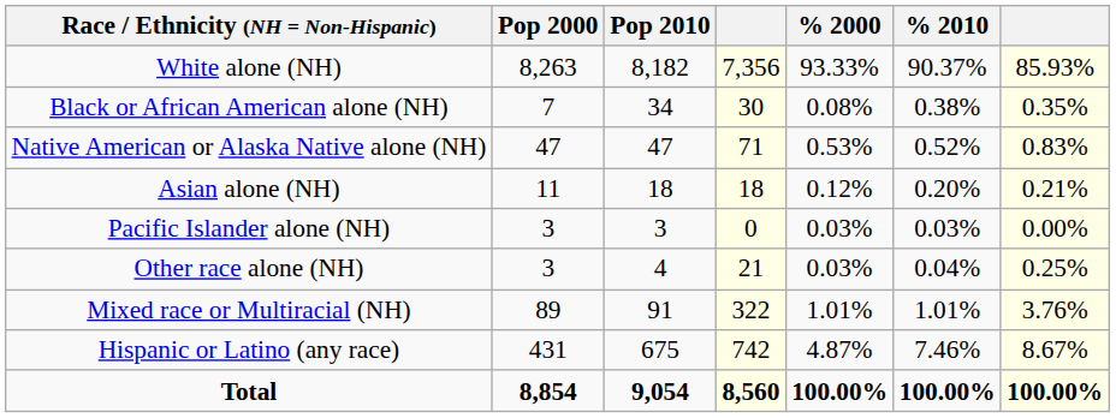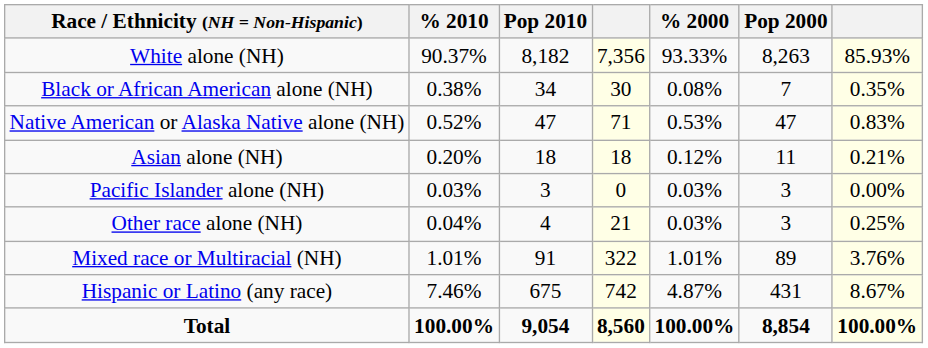 <table class="wikitable" style="text-align:center;">
 <tr>
 <th>Race / Ethnicity <small>(<em>NH = Non-Hispanic</em>)</small></th>
-<th>Pop 2000</th>
+<th>% 2010</th>
 <th>Pop 2010</th>
 <th></th>
 <th>% 2000</th>
-<th>% 2010</th>
+<th>Pop 2000</th>
 <th></th>
 </tr>
 <tr>
 <td><a href='#'>White</a> alone (NH)</td>
-<td>8,263</td>
+<td>90.37%</td>
 <td>8,182</td>
 <td style='background: #ffffe6;'>7,356</td>
 <td>93.33%</td>
-<td>90.37%</td>
+<td>8,263</td>
 <td style='background: #ffffe6;'>85.93%</td>
 </tr>
 <tr>
 <td><a href='#'>Black or African American</a> alone (NH)</td>
-<td>7</td>
+<td>0.38%</td>
 <td>34</td>
 <td style='background: #ffffe6;'>30</td>
 <td>0.08%</td>
-<td>0.38%</td>
+<td>7</td>
 <td style='background: #ffffe6;'>0.35%</td>
 </tr>
 <tr>
 <td><a href='#'>Native American</a> or <a href='#'>Alaska Native</a> alone (NH)</td>
-<td>47</td>
+<td>0.52%</td>
 <td>47</td>
 <td style='background: #ffffe6;'>71</td>
 <td>0.53%</td>
-<td>0.52%</td>
+<td>47</td>
 <td style='background: #ffffe6;'>0.83%</td>
 </tr>
 <tr>
 <td><a href='#'>Asian</a> alone (NH)</td>
-<td>11</td>
+<td>0.20%</td>
 <td>18</td>
 <td style='background: #ffffe6;'>18</td>
 <td>0.12%</td>
-<td>0.20%</td>
+<td>11</td>
 <td style='background: #ffffe6;'>0.21%</td>
 </tr>
 <tr>
 <td><a href='#'>Pacific Islander</a> alone (NH)</td>
-<td>3</td>
+<td>0.03%</td>
 <td>3</td>
 <td style='background: #ffffe6;'>0</td>
 <td>0.03%</td>
-<td>0.03%</td>
+<td>3</td>
 <td style='background: #ffffe6;'>0.00%</td>
 </tr>
 <tr>
 <td><a href='#'>Other race</a> alone (NH)</td>
-<td>3</td>
+<td>0.04%</td>
 <td>4</td>
 <td style='background: #ffffe6;'>21</td>
 <td>0.03%</td>
-<td>0.04%</td>
+<td>3</td>
 <td style='background: #ffffe6;'>0.25%</td>
 </tr>
 <tr>
 <td><a href='#'>Mixed race or Multiracial</a> (NH)</td>
-<td>89</td>
+<td>1.01%</td>
 <td>91</td>
 <td style='background: #ffffe6;'>322</td>
 <td>1.01%</td>
-<td>1.01%</td>
+<td>89</td>
 <td style='background: #ffffe6;'>3.76%</td>
 </tr>
 <tr>
 <td><a href='#'>Hispanic or Latino</a> (any race)</td>
-<td>431</td>
+<td>7.46%</td>
 <td>675</td>
 <td style='background: #ffffe6;'>742</td>
 <td>4.87%</td>
-<td>7.46%</td>
+<td>431</td>
 <td style='background: #ffffe6;'>8.67%</td>
 </tr>
 <tr>
 <td><strong>Total</strong></td>
-<td><strong>8,854</strong></td>
+<td><strong>100.00%</strong></td>
 <td><strong>9,054</strong></td>
 <td style='background: #ffffe6;'><strong>8,560</strong></td>
 <td><strong>100.00%</strong></td>
-<td><strong>100.00%</strong></td>
+<td><strong>8,854</strong></td>
 <td style='background: #ffffe6;'><strong>100.00%</strong></td>
 </tr>
 </table>
